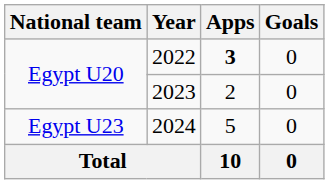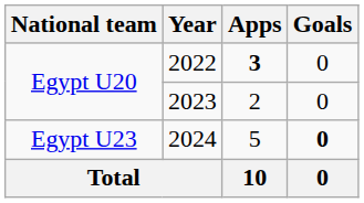 <table class=wikitable style=text-align:center>
 <tr>
 <th>National team</th>
 <th>Year</th>
 <th>Apps</th>
 <th>Goals</th>
 </tr>
 <tr>
 <td rowspan="2"><a href='#'>Egypt U20</a></td>
 <td>2022</td>
 <td><strong>3</strong></td>
 <td>0</td>
 </tr>
 <tr>
 <td>2023</td>
 <td>2</td>
 <td>0</td>
 </tr>
 <tr>
 <td rowspan="1"><a href='#'>Egypt U23</a></td>
 <td>2024</td>
 <td>5</td>
-<td>0</td>
+<td><strong>0</strong></td>
 </tr>
 <tr>
 <th colspan="2">Total</th>
 <th>10</th>
 <th>0</th>
 </tr>
 </table>
